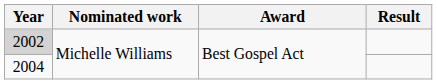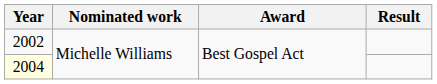 <table class="wikitable" style="width:70%;">
 <tr>
 <th style="width:3%;">Year</th>
 <th style="width:20%;">Nominated work</th>
 <th style="width:23%;">Award</th>
 <th style="width:5%;">Result</th>
 </tr>
 <tr>
-<td align="center" style="background: lightgrey;">2002</td>
+<td align="center">2002</td>
 <td rowspan="2">Michelle Williams</td>
 <td rowspan="2">Best Gospel Act</td>
 <td></td>
 </tr>
 <tr>
-<td align="center">2004</td>
+<td align="center" style="background: lightyellow;">2004</td>
 <td></td>
 </tr>
 </table>
